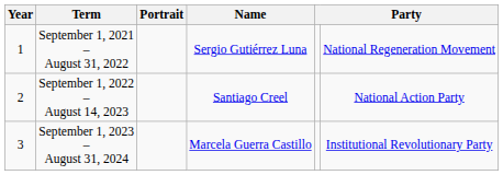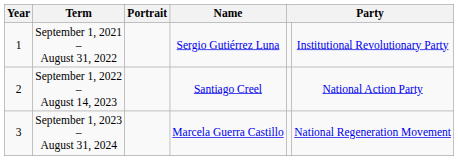 <table class="wikitable sortable" style="text-align:center">
 <tr>
 <th>Year</th>
 <th class="unsortable" scope="col">Term</th>
 <th class="unsortable" scope="col">Portrait</th>
 <th scope="col">Name</th>
 <th colspan="2" scope="col">Party</th>
 </tr>
 <tr>
 <td>1</td>
 <td>September 1, 2021<br>–<br>August 31, 2022</td>
 <td></td>
 <td><a href='#'>Sergio Gutiérrez Luna</a></td>
 <td style="background:"></td>
-<td><a href='#'>National Regeneration Movement</a></td>
+<td><a href='#'>Institutional Revolutionary Party</a></td>
 </tr>
 <tr>
 <td>2</td>
 <td>September 1, 2022<br>–<br>August 14, 2023</td>
 <td></td>
 <td><a href='#'>Santiago Creel</a></td>
 <td style="background:"></td>
 <td><a href='#'>National Action Party</a></td>
 </tr>
 <tr>
 <td>3</td>
 <td>September 1, 2023<br>–<br>August 31, 2024</td>
 <td></td>
 <td><a href='#'>Marcela Guerra Castillo</a></td>
 <td style="background:"></td>
-<td><a href='#'>Institutional Revolutionary Party</a></td>
+<td><a href='#'>National Regeneration Movement</a></td>
 </tr>
 </table>
